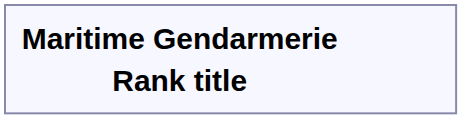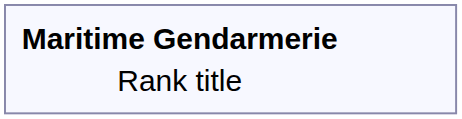 <table style="border:1px solid #8888aa; background-color:#f7f8ff; padding:5px; font-size:95%; margin: 0px 12px 12px 0px;">
 <tr style="text-align:center;">
 <td rowspan=1><strong> Maritime Gendarmerie</strong></td>
 <td colspan=3></td>
 <td colspan=3></td>
 <td colspan=2></td>
 <td colspan=2 rowspan=2></td>
 <td colspan=6></td>
 <td colspan=3></td>
 <td colspan=1 rowspan=2></td>
 <td colspan=1></td>
 <td colspan=1></td>
 <td colspan=4></td>
 <td colspan=2></td>
 <td colspan=6></td>
 <td colspan=2></td>
 </tr>
 <tr style="text-align:center;">
-<td rowspan=1><strong>Rank title</strong></td>
+<td rowspan=1>Rank title</td>
 <td colspan=3></td>
 <td colspan=3></td>
 <td colspan=2></td>
 <td colspan=6></td>
 <td colspan=3></td>
 <td colspan=1></td>
 <td colspan=1></td>
 <td colspan=4></td>
 <td colspan=2></td>
 <td colspan=6></td>
 <td colspan=2></td>
 </tr>
 </table>
